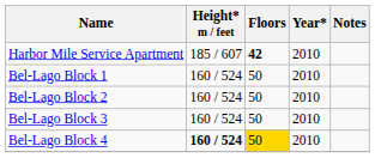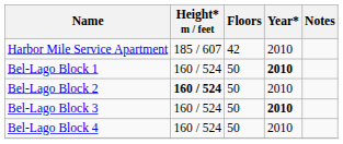 <table class="wikitable sortable">
 <tr>
 <th>Name</th>
 <th>Height*<br><small>m / feet</small></th>
 <th>Floors</th>
 <th>Year*</th>
 <th class="unsortable">Notes</th>
 </tr>
 <tr>
 <td><a href='#'>Harbor Mile Service Apartment</a></td>
 <td>185 / 607</td>
-<td><strong>42</strong></td>
+<td>42</td>
 <td>2010</td>
 <td></td>
 </tr>
 <tr>
 <td><a href='#'>Bel-Lago Block 1</a></td>
 <td>160 / 524</td>
 <td>50</td>
-<td>2010</td>
+<td><strong>2010</strong></td>
 <td></td>
 </tr>
 <tr>
 <td><a href='#'>Bel-Lago Block 2</a></td>
-<td>160 / 524</td>
+<td><strong>160 / 524</strong></td>
 <td>50</td>
 <td>2010</td>
 <td></td>
 </tr>
 <tr>
 <td><a href='#'>Bel-Lago Block 3</a></td>
 <td>160 / 524</td>
 <td>50</td>
-<td>2010</td>
+<td><strong>2010</strong></td>
 <td></td>
 </tr>
 <tr>
 <td><a href='#'>Bel-Lago Block 4</a></td>
-<td><strong>160 / 524</strong></td>
-<td style="background: gold;">50</td>
+<td>160 / 524</td>
+<td>50</td>
 <td>2010</td>
 <td></td>
 </tr>
 <tr>
 </tr>
 </table>
